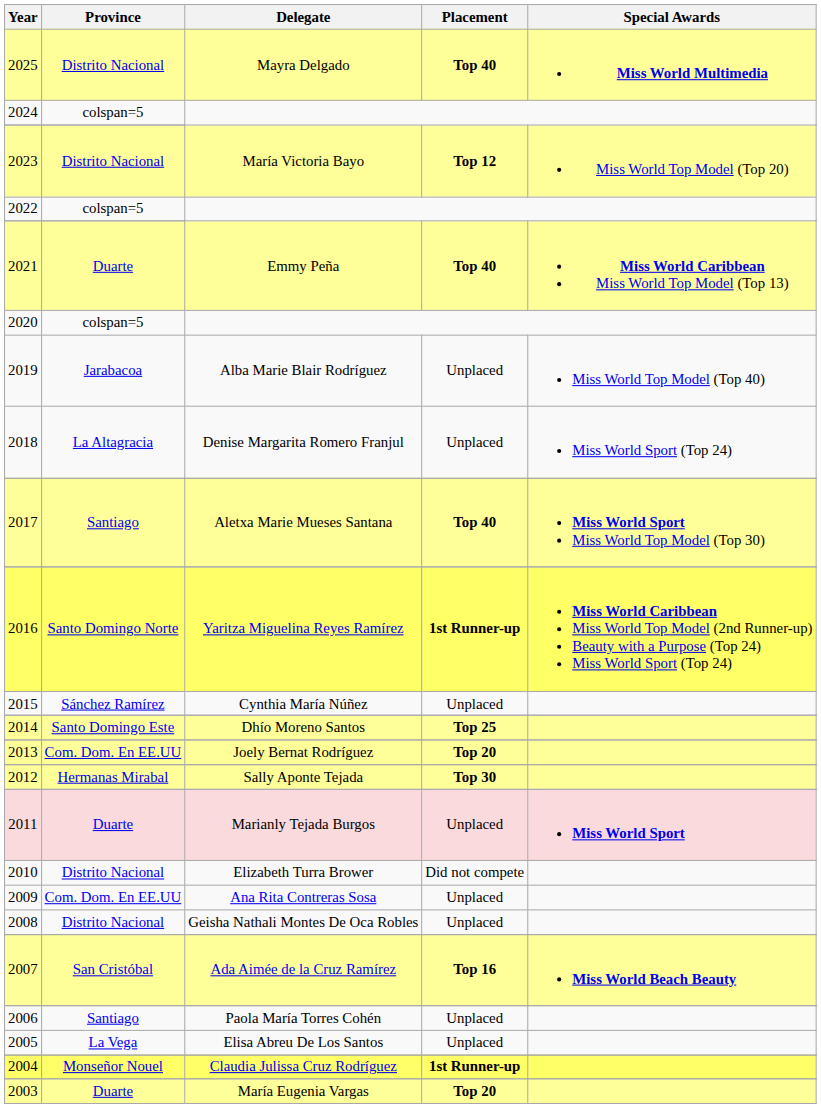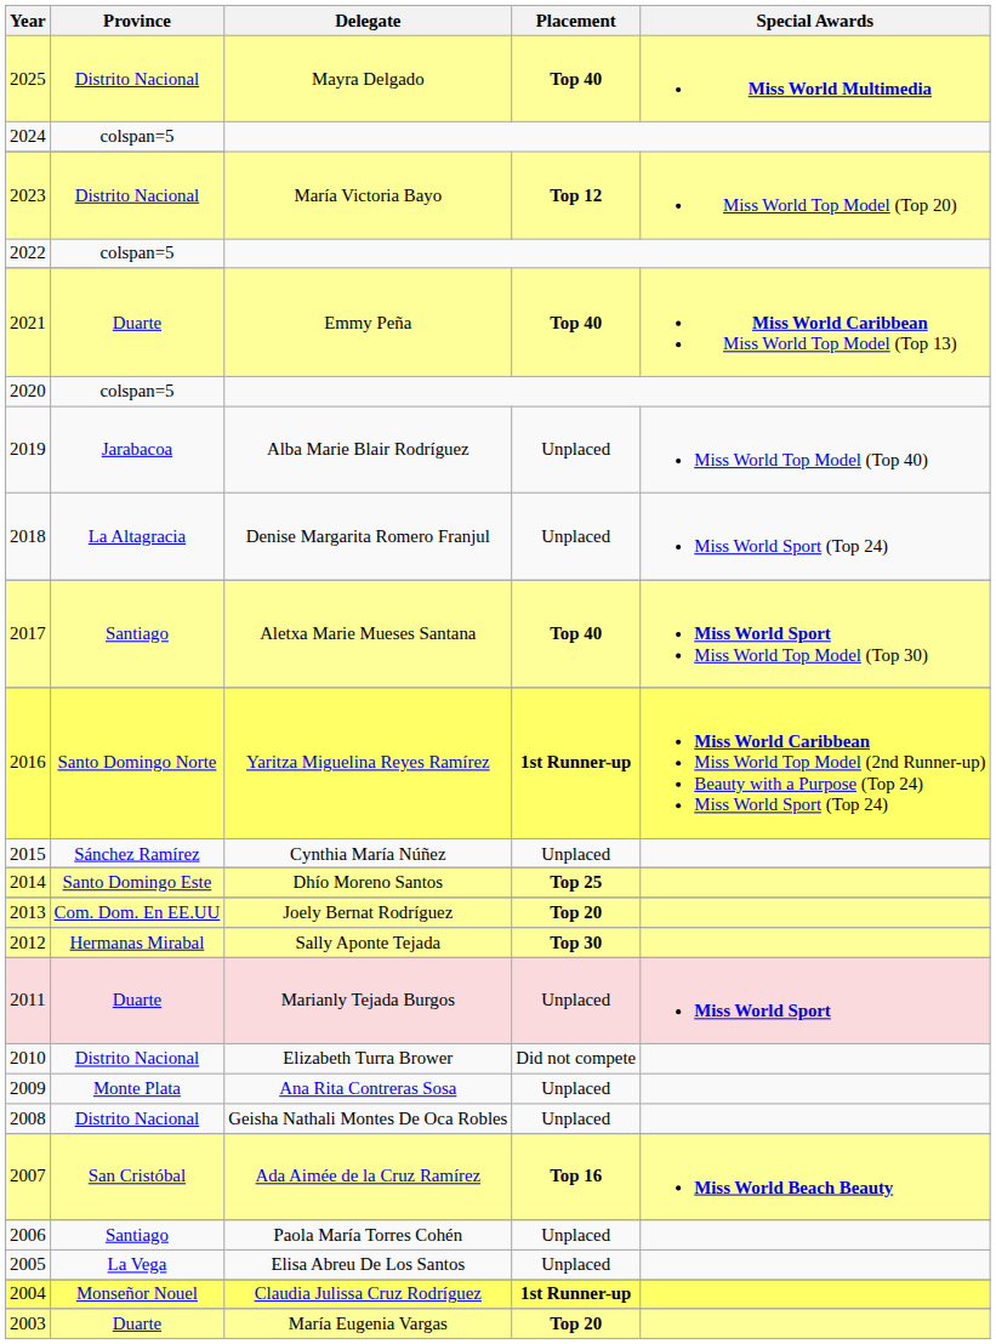 <table class="wikitable " style="font-size: 90%; text-align:center;">
 <tr>
 <th>Year</th>
 <th>Province</th>
 <th>Delegate</th>
 <th>Placement</th>
 <th>Special Awards</th>
 </tr>
 <tr style="background-color:#FFFF99;">
 <td>2025</td>
 <td><a href='#'>Distrito Nacional</a></td>
 <td>Mayra Delgado</td>
 <td><strong>Top 40</strong></td>
 <td><br><ul><li><strong><a href='#'>Miss World Multimedia</a></strong></li></ul></td>
 </tr>
 <tr>
 <td>2024</td>
 <td>colspan=5 </td>
 </tr>
 <tr>
 </tr>
 <tr style="background-color:#FFFF99; ">
 <td>2023</td>
 <td><a href='#'>Distrito Nacional</a></td>
 <td>María Victoria Bayo</td>
 <td><strong>Top 12</strong></td>
 <td><br><ul><li><a href='#'>Miss World Top Model</a> (Top 20)</li></ul></td>
 </tr>
 <tr>
 <td>2022</td>
 <td>colspan=5 </td>
 </tr>
 <tr>
 </tr>
 <tr style="background-color:#FFFF99; ">
 <td>2021</td>
 <td><a href='#'>Duarte</a></td>
 <td>Emmy Peña</td>
 <td><strong>Top 40</strong></td>
 <td><br><ul><li><strong><a href='#'>Miss World Caribbean</a></strong></li><li><a href='#'>Miss World Top Model</a> (Top 13)</li></ul></td>
 </tr>
 <tr>
 <td>2020</td>
 <td>colspan=5 </td>
 </tr>
 <tr>
 <td>2019</td>
 <td><a href='#'>Jarabacoa</a></td>
 <td>Alba Marie Blair Rodríguez</td>
 <td>Unplaced</td>
 <td align="left"><br><ul><li><a href='#'>Miss World Top Model</a> (Top 40)</li></ul></td>
 </tr>
 <tr>
 <td>2018</td>
 <td><a href='#'>La Altagracia</a></td>
 <td>Denise Margarita Romero Franjul</td>
 <td>Unplaced</td>
 <td align="left"><br><ul><li><a href='#'>Miss World Sport</a> (Top 24)</li></ul></td>
 </tr>
 <tr>
 </tr>
 <tr style="background-color:#FFFF99; ">
 <td>2017</td>
 <td><a href='#'>Santiago</a></td>
 <td>Aletxa Marie Mueses Santana</td>
 <td><strong>Top 40</strong></td>
 <td align="left"><br><ul><li><strong><a href='#'>Miss World Sport</a></strong></li><li><a href='#'>Miss World Top Model</a> (Top 30)</li></ul></td>
 </tr>
 <tr>
 </tr>
 <tr style="background-color:#FFFF66; ">
 <td>2016</td>
 <td><a href='#'>Santo Domingo Norte</a></td>
 <td><a href='#'>Yaritza Miguelina Reyes Ramírez</a></td>
 <td><strong>1st Runner-up</strong></td>
 <td align="left"><br><ul><li><strong><a href='#'>Miss World Caribbean</a></strong></li><li><a href='#'>Miss World Top Model</a> (2nd Runner-up)</li><li><a href='#'>Beauty with a Purpose</a> (Top 24)</li><li><a href='#'>Miss World Sport</a> (Top 24)</li></ul></td>
 </tr>
 <tr>
 <td>2015</td>
 <td><a href='#'>Sánchez Ramírez</a></td>
 <td>Cynthia María Núñez</td>
 <td>Unplaced</td>
 <td></td>
 </tr>
 <tr>
 </tr>
 <tr style="background-color:#FFFF99; ">
 <td>2014</td>
 <td><a href='#'>Santo Domingo Este</a></td>
 <td>Dhío Moreno Santos</td>
 <td><strong>Top 25</strong></td>
 <td></td>
 </tr>
 <tr>
 </tr>
 <tr style="background-color:#FFFF99; ">
 <td>2013</td>
 <td><a href='#'>Com. Dom. En EE.UU</a></td>
 <td>Joely Bernat Rodríguez</td>
 <td><strong>Top 20</strong></td>
 <td></td>
 </tr>
 <tr>
 </tr>
 <tr style="background-color:#FFFF99; ">
 <td>2012</td>
 <td><a href='#'>Hermanas Mirabal</a></td>
 <td>Sally Aponte Tejada</td>
 <td><strong>Top 30</strong></td>
 <td></td>
 </tr>
 <tr>
 </tr>
 <tr style="background-color:#FADADD; ">
 <td>2011</td>
 <td><a href='#'>Duarte</a></td>
 <td>Marianly Tejada Burgos</td>
 <td>Unplaced</td>
 <td align="left"><br><ul><li><strong><a href='#'>Miss World Sport</a></strong></li></ul></td>
 </tr>
 <tr>
 <td>2010</td>
 <td><a href='#'>Distrito Nacional</a></td>
 <td>Elizabeth Turra Brower</td>
 <td>Did not compete</td>
 <td></td>
 </tr>
 <tr>
 <td>2009</td>
-<td><a href='#'>Com. Dom. En EE.UU</a></td>
+<td><a href='#'>Monte Plata</a></td>
 <td><a href='#'>Ana Rita Contreras Sosa</a></td>
 <td>Unplaced</td>
 <td></td>
 </tr>
 <tr>
 <td>2008</td>
 <td><a href='#'>Distrito Nacional</a></td>
 <td>Geisha Nathali Montes De Oca Robles</td>
 <td>Unplaced</td>
 <td></td>
 </tr>
 <tr>
 </tr>
 <tr style="background-color:#FFFF99; ">
 <td>2007</td>
 <td><a href='#'>San Cristóbal</a></td>
 <td><a href='#'>Ada Aimée de la Cruz Ramírez</a></td>
 <td><strong>Top 16</strong></td>
 <td align="left"><br><ul><li><strong><a href='#'>Miss World Beach Beauty</a></strong></li></ul></td>
 </tr>
 <tr>
 </tr>
 <tr>
 <td>2006</td>
 <td><a href='#'>Santiago</a></td>
 <td>Paola María Torres Cohén</td>
 <td>Unplaced</td>
 <td></td>
 </tr>
 <tr>
 <td>2005</td>
 <td><a href='#'>La Vega</a></td>
 <td>Elisa Abreu De Los Santos</td>
 <td>Unplaced</td>
 <td></td>
 </tr>
 <tr>
 </tr>
 <tr style="background-color:#FFFF66; ">
 <td>2004</td>
 <td><a href='#'>Monseñor Nouel</a></td>
 <td><a href='#'>Claudia Julissa Cruz Rodríguez</a></td>
 <td><strong>1st Runner-up</strong></td>
 <td></td>
 </tr>
 <tr>
 </tr>
 <tr style="background-color:#FFFF99; ">
 <td>2003</td>
 <td><a href='#'>Duarte</a></td>
 <td>María Eugenia Vargas</td>
 <td><strong>Top 20</strong></td>
 <td></td>
 </tr>
 <tr>
 </tr>
 </table>
